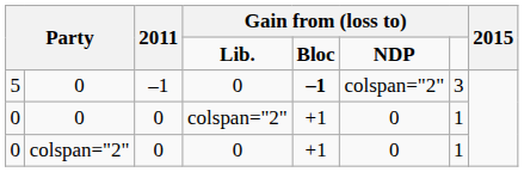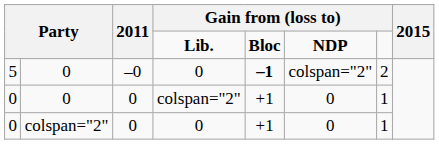 <table class="wikitable"  style="text-align:center;">
 <tr>
 <th rowspan="2" colspan="2">Party</th>
 <th rowspan="2">2011</th>
 <th colspan="6">Gain from (loss to)</th>
 <th rowspan="2">2015</th>
 </tr>
 <tr>
 <td><strong>Lib.</strong></td>
 <td><strong>Bloc</strong></td>
 <td><strong>NDP</strong></td>
 </tr>
 <tr>
 <td>5</td>
 <td>0</td>
-<td>–1</td>
+<td>–0</td>
 <td>0</td>
 <td><strong>–1</strong></td>
 <td>colspan="2" </td>
-<td>3</td>
+<td>2</td>
 </tr>
 <tr>
 <td>0</td>
 <td>0</td>
 <td>0</td>
 <td>colspan="2" </td>
 <td>+1</td>
 <td>0</td>
 <td>1</td>
 </tr>
 <tr>
 <td>0</td>
 <td>colspan="2" </td>
 <td>0</td>
 <td>0</td>
 <td>+1</td>
 <td>0</td>
 <td>1</td>
 </tr>
 </table>
